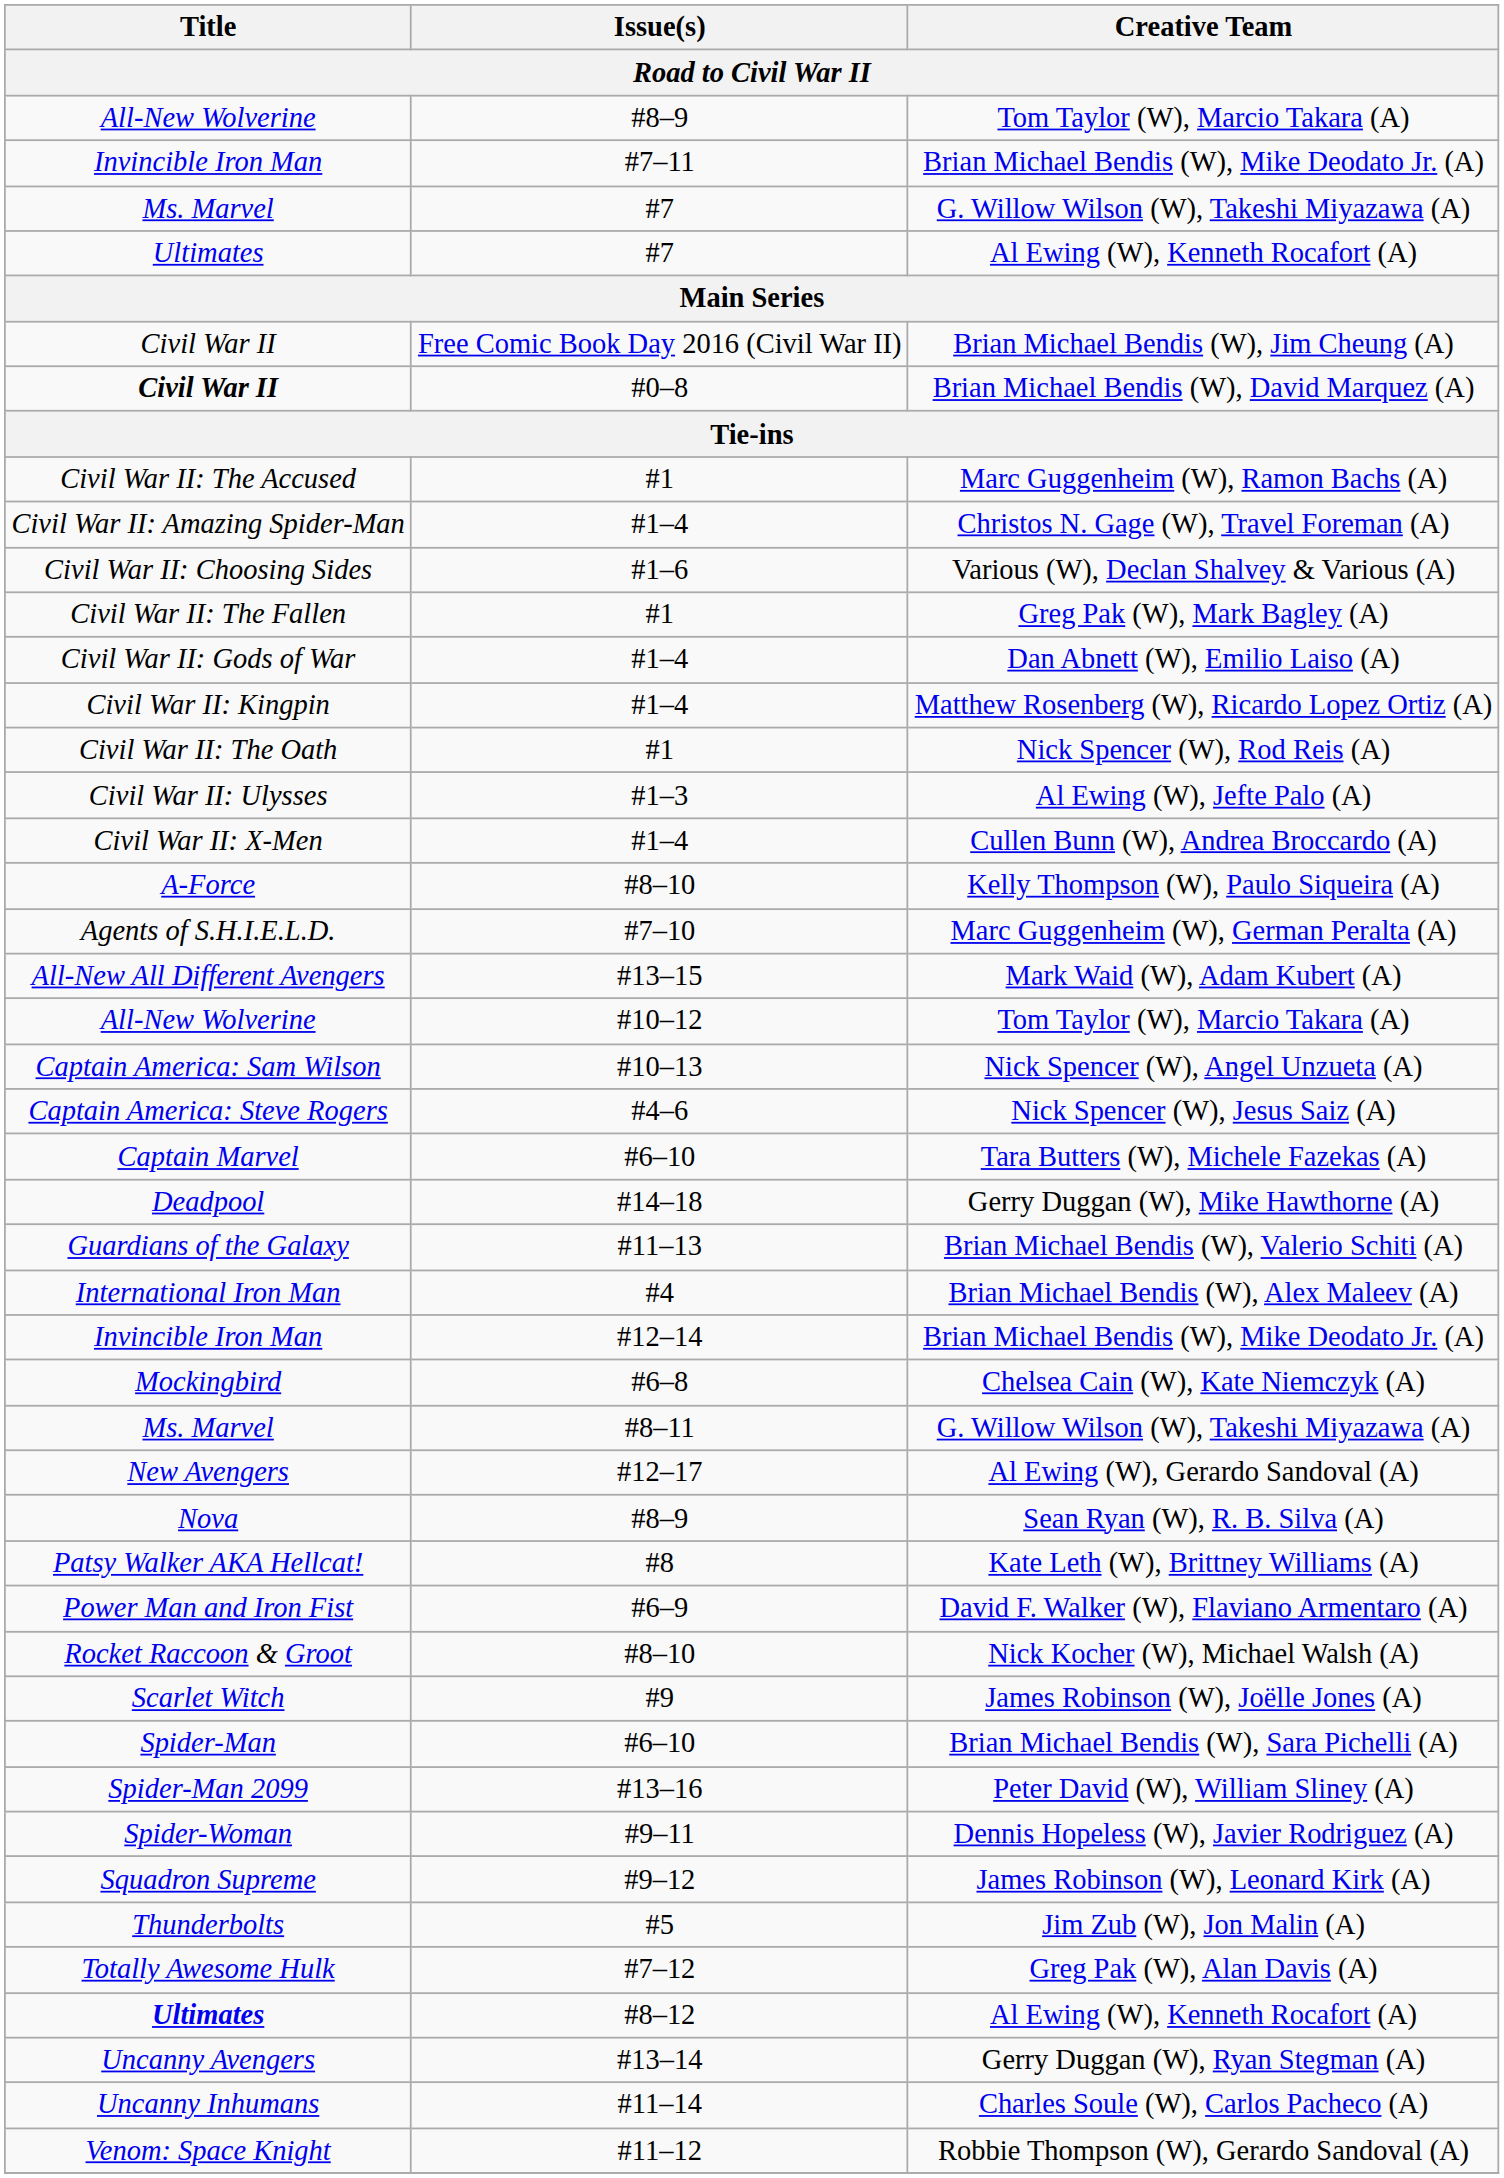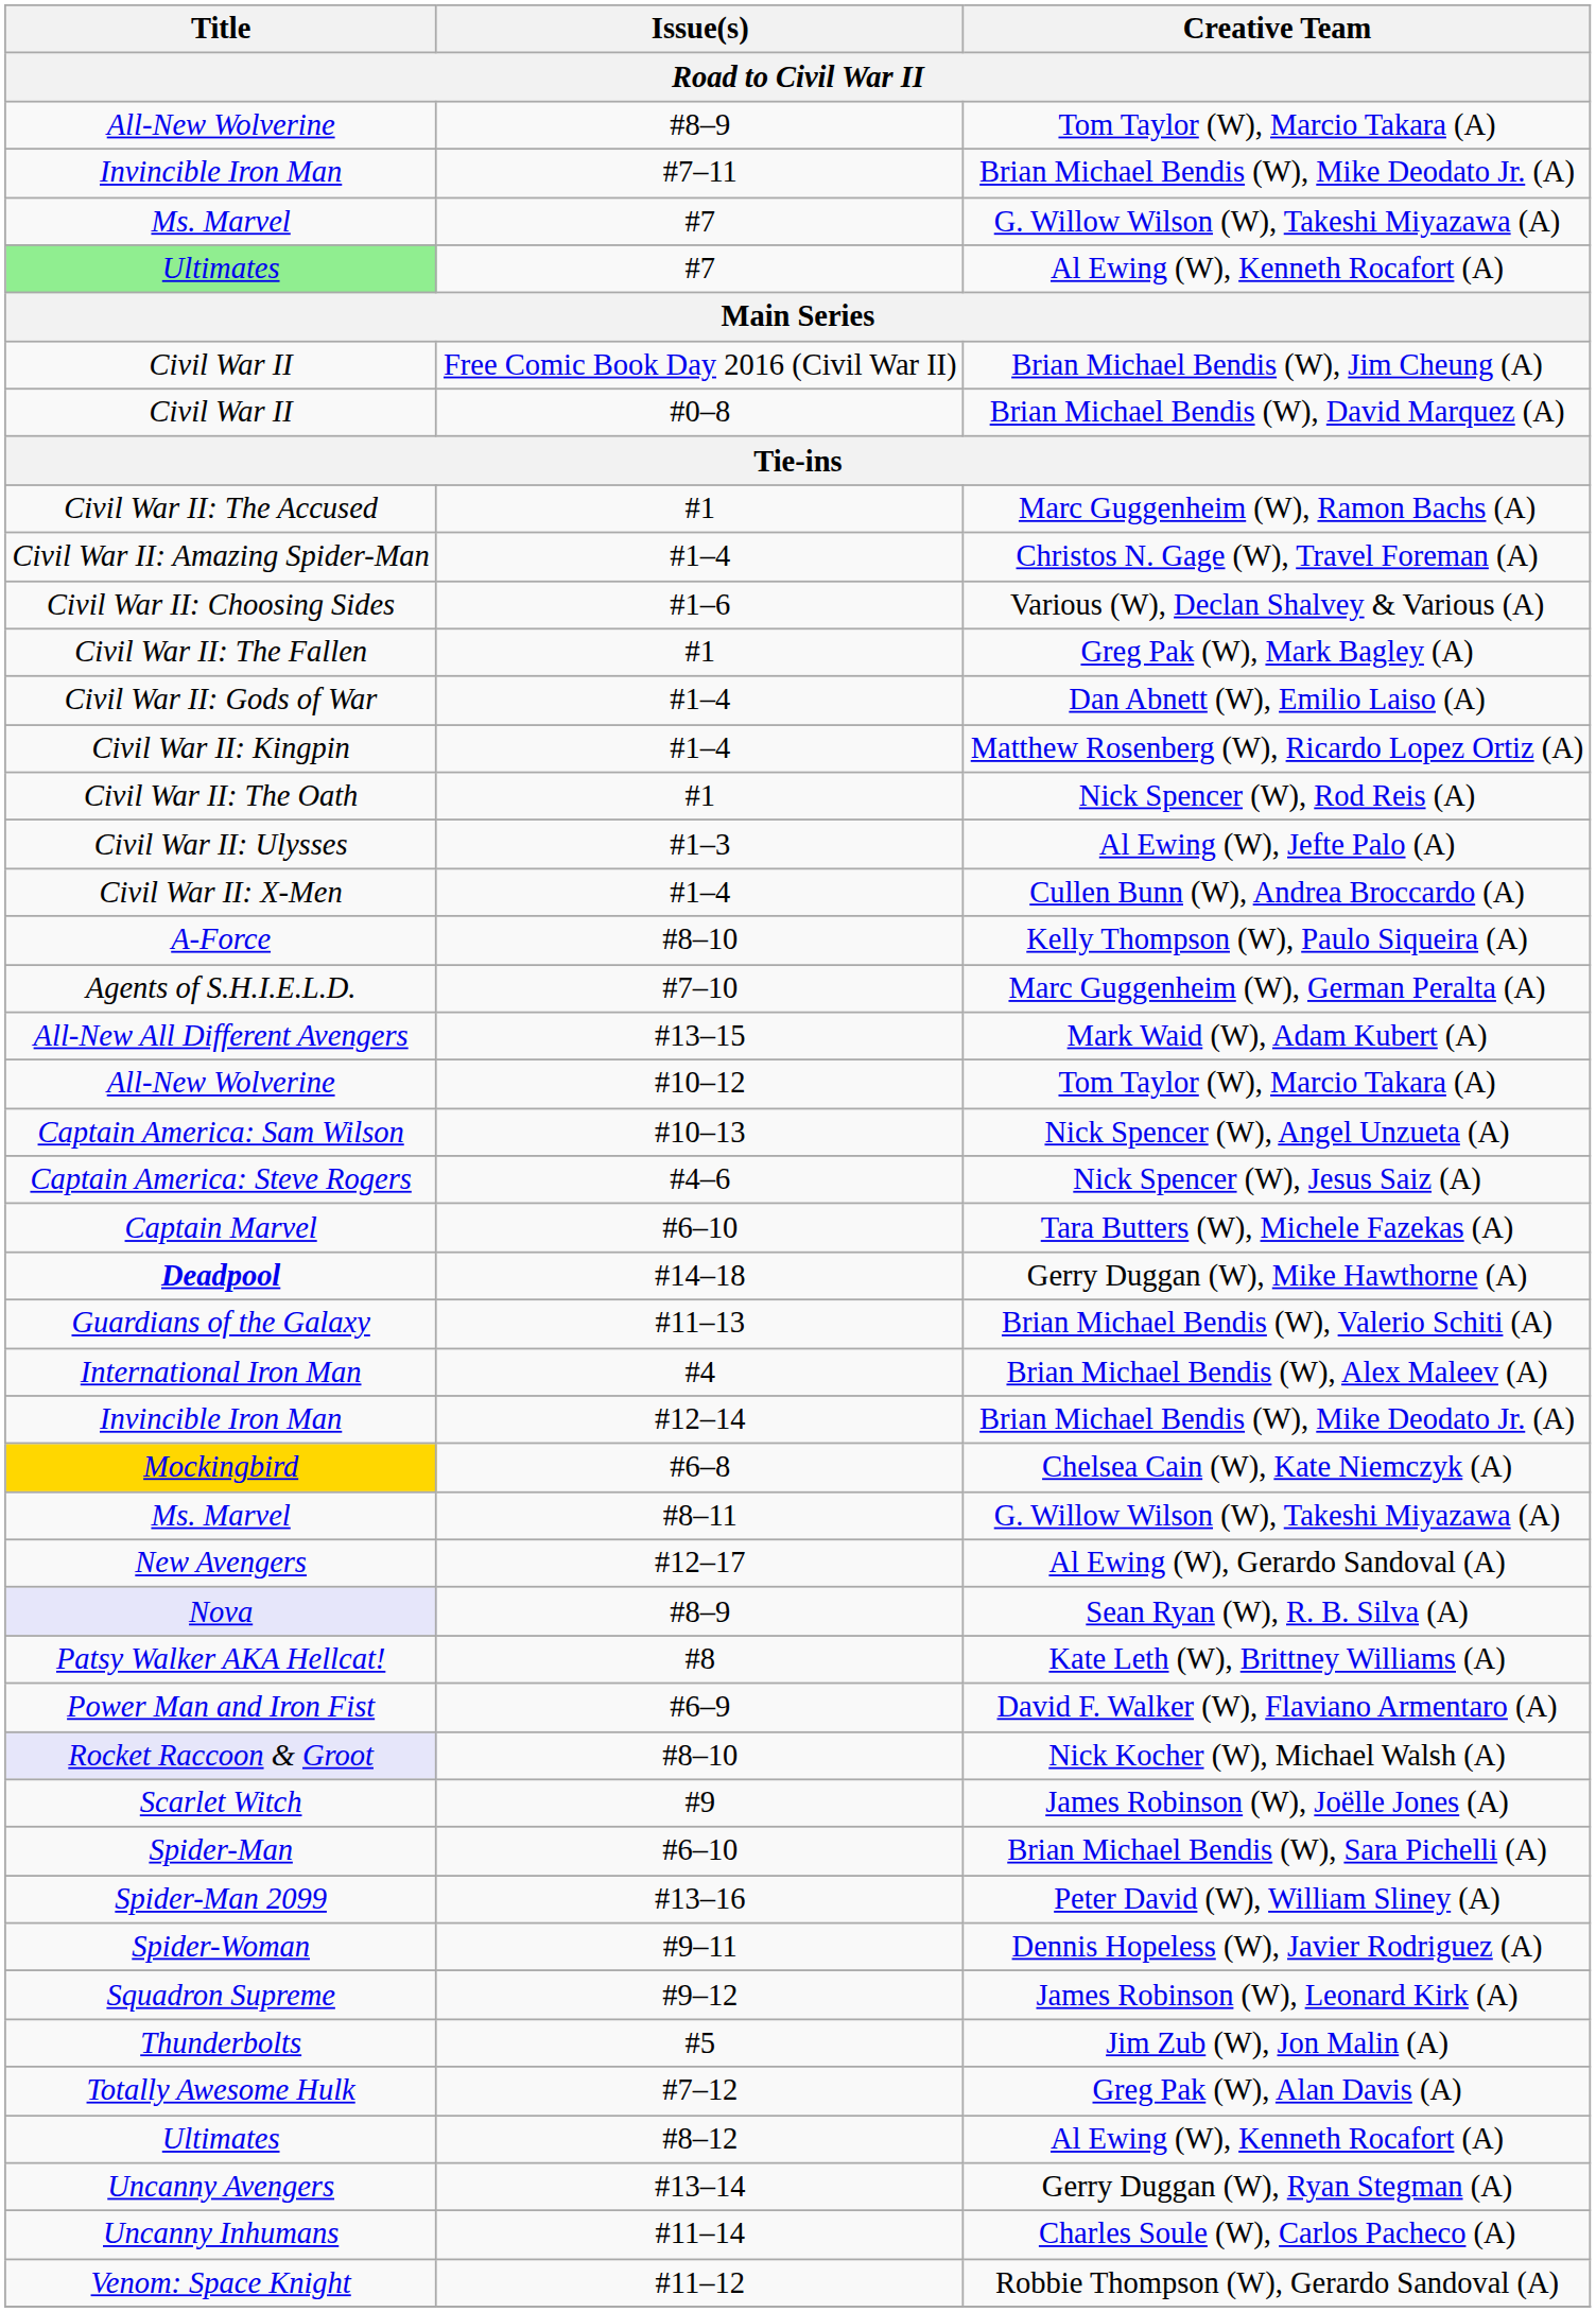 <table class="wikitable" style="text-align:center; width:auto;">
 <tr>
 <th>Title</th>
 <th>Issue(s)</th>
 <th>Creative Team</th>
 </tr>
 <tr>
 <th colspan="4"><em>Road to Civil War II</em></th>
 </tr>
 <tr>
 <td><em><a href='#'>All-New Wolverine</a></em></td>
 <td>#8–9</td>
 <td><a href='#'>Tom Taylor</a> (W), <a href='#'>Marcio Takara</a> (A)</td>
 </tr>
 <tr>
 <td><em><a href='#'>Invincible Iron Man</a></em></td>
 <td>#7–11</td>
 <td><a href='#'>Brian Michael Bendis</a> (W), <a href='#'>Mike Deodato Jr.</a> (A)</td>
 </tr>
 <tr>
 <td><em><a href='#'>Ms. Marvel</a></em></td>
 <td>#7</td>
 <td><a href='#'>G. Willow Wilson</a> (W), <a href='#'>Takeshi Miyazawa</a> (A)</td>
 </tr>
 <tr>
-<td><em><a href='#'>Ultimates</a></em></td>
+<td style="background: lightgreen;"><em><a href='#'>Ultimates</a></em></td>
 <td>#7</td>
 <td><a href='#'>Al Ewing</a> (W), <a href='#'>Kenneth Rocafort</a> (A)</td>
 </tr>
 <tr>
 <th colspan="4">Main Series</th>
 </tr>
 <tr>
 <td><em>Civil War II</em></td>
 <td><a href='#'>Free Comic Book Day</a> 2016 (Civil War II)</td>
 <td><a href='#'>Brian Michael Bendis</a> (W), <a href='#'>Jim Cheung</a> (A)</td>
 </tr>
 <tr>
-<td><strong><em>Civil War II</em></strong></td>
+<td><em>Civil War II</em></td>
 <td>#0–8</td>
 <td><a href='#'>Brian Michael Bendis</a> (W), <a href='#'>David Marquez</a> (A)</td>
 </tr>
 <tr>
 <th colspan="4">Tie-ins</th>
 </tr>
 <tr>
 <td><em>Civil War II: The Accused</em></td>
 <td>#1</td>
 <td><a href='#'>Marc Guggenheim</a> (W), <a href='#'>Ramon Bachs</a> (A)</td>
 </tr>
 <tr>
 <td><em>Civil War II: Amazing Spider-Man</em></td>
 <td>#1–4</td>
 <td><a href='#'>Christos N. Gage</a> (W), <a href='#'>Travel Foreman</a> (A)</td>
 </tr>
 <tr>
 <td><em>Civil War II: Choosing Sides</em></td>
 <td>#1–6</td>
 <td>Various (W), <a href='#'>Declan Shalvey</a> & Various (A)</td>
 </tr>
 <tr>
 <td><em>Civil War II: The Fallen</em></td>
 <td>#1</td>
 <td><a href='#'>Greg Pak</a> (W), <a href='#'>Mark Bagley</a> (A)</td>
 </tr>
 <tr>
 <td><em>Civil War II: Gods of War</em></td>
 <td>#1–4</td>
 <td><a href='#'>Dan Abnett</a> (W), <a href='#'>Emilio Laiso</a> (A)</td>
 </tr>
 <tr>
 <td><em>Civil War II: Kingpin</em></td>
 <td>#1–4</td>
 <td><a href='#'>Matthew Rosenberg</a> (W), <a href='#'>Ricardo Lopez Ortiz</a> (A)</td>
 </tr>
 <tr>
 <td><em>Civil War II: The Oath</em></td>
 <td>#1</td>
 <td><a href='#'>Nick Spencer</a> (W), <a href='#'>Rod Reis</a> (A)</td>
 </tr>
 <tr>
 <td><em>Civil War II: Ulysses</em></td>
 <td>#1–3</td>
 <td><a href='#'>Al Ewing</a> (W), <a href='#'>Jefte Palo</a> (A)</td>
 </tr>
 <tr>
 <td><em>Civil War II: X-Men</em></td>
 <td>#1–4</td>
 <td><a href='#'>Cullen Bunn</a> (W), <a href='#'>Andrea Broccardo</a> (A)</td>
 </tr>
 <tr>
 <td><em><a href='#'>A-Force</a></em></td>
 <td>#8–10</td>
 <td><a href='#'>Kelly Thompson</a> (W), <a href='#'>Paulo Siqueira</a> (A)</td>
 </tr>
 <tr>
 <td><em>Agents of S.H.I.E.L.D.</em></td>
 <td>#7–10</td>
 <td><a href='#'>Marc Guggenheim</a> (W), <a href='#'>German Peralta</a> (A)</td>
 </tr>
 <tr>
 <td><em><a href='#'>All-New All Different Avengers</a></em></td>
 <td>#13–15</td>
 <td><a href='#'>Mark Waid</a> (W), <a href='#'>Adam Kubert</a> (A)</td>
 </tr>
 <tr>
 <td><em><a href='#'>All-New Wolverine</a></em></td>
 <td>#10–12</td>
 <td><a href='#'>Tom Taylor</a> (W), <a href='#'>Marcio Takara</a> (A)</td>
 </tr>
 <tr>
 <td><em><a href='#'>Captain America: Sam Wilson</a></em></td>
 <td>#10–13</td>
 <td><a href='#'>Nick Spencer</a> (W), <a href='#'>Angel Unzueta</a> (A)</td>
 </tr>
 <tr>
 <td><em><a href='#'>Captain America: Steve Rogers</a></em></td>
 <td>#4–6</td>
 <td><a href='#'>Nick Spencer</a> (W), <a href='#'>Jesus Saiz</a> (A)</td>
 </tr>
 <tr>
 <td><em><a href='#'>Captain Marvel</a></em></td>
 <td>#6–10</td>
 <td><a href='#'>Tara Butters</a> (W), <a href='#'>Michele Fazekas</a> (A)</td>
 </tr>
 <tr>
-<td><em><a href='#'>Deadpool</a></em></td>
+<td><strong><em><a href='#'>Deadpool</a></em></strong></td>
 <td>#14–18</td>
 <td>Gerry Duggan (W), <a href='#'>Mike Hawthorne</a> (A)</td>
 </tr>
 <tr>
 <td><em><a href='#'>Guardians of the Galaxy</a></em></td>
 <td>#11–13</td>
 <td><a href='#'>Brian Michael Bendis</a> (W), <a href='#'>Valerio Schiti</a> (A)</td>
 </tr>
 <tr>
 <td><em><a href='#'>International Iron Man</a></em></td>
 <td>#4</td>
 <td><a href='#'>Brian Michael Bendis</a> (W), <a href='#'>Alex Maleev</a> (A)</td>
 </tr>
 <tr>
 <td><em><a href='#'>Invincible Iron Man</a></em></td>
 <td>#12–14</td>
 <td><a href='#'>Brian Michael Bendis</a> (W), <a href='#'>Mike Deodato Jr.</a> (A)</td>
 </tr>
 <tr>
-<td><em><a href='#'>Mockingbird</a></em></td>
+<td style="background: gold;"><em><a href='#'>Mockingbird</a></em></td>
 <td>#6–8</td>
 <td><a href='#'>Chelsea Cain</a> (W), <a href='#'>Kate Niemczyk</a> (A)</td>
 </tr>
 <tr>
 <td><em><a href='#'>Ms. Marvel</a></em></td>
 <td>#8–11</td>
 <td><a href='#'>G. Willow Wilson</a> (W), <a href='#'>Takeshi Miyazawa</a> (A)</td>
 </tr>
 <tr>
 <td><em><a href='#'>New Avengers</a></em></td>
 <td>#12–17</td>
 <td><a href='#'>Al Ewing</a> (W), Gerardo Sandoval (A)</td>
 </tr>
 <tr>
-<td><em><a href='#'>Nova</a></em></td>
+<td style="background: lavender;"><em><a href='#'>Nova</a></em></td>
 <td>#8–9</td>
 <td><a href='#'>Sean Ryan</a> (W), <a href='#'>R. B. Silva</a> (A)</td>
 </tr>
 <tr>
 <td><em><a href='#'>Patsy Walker AKA Hellcat!</a></em></td>
 <td>#8</td>
 <td><a href='#'>Kate Leth</a> (W), <a href='#'>Brittney Williams</a> (A)</td>
 </tr>
 <tr>
 <td><em><a href='#'>Power Man and Iron Fist</a></em></td>
 <td>#6–9</td>
 <td><a href='#'>David F. Walker</a> (W), <a href='#'>Flaviano Armentaro</a> (A)</td>
 </tr>
 <tr>
-<td><em><a href='#'>Rocket Raccoon</a> & <a href='#'>Groot</a></em></td>
+<td style="background: lavender;"><em><a href='#'>Rocket Raccoon</a> & <a href='#'>Groot</a></em></td>
 <td>#8–10</td>
 <td><a href='#'>Nick Kocher</a> (W), Michael Walsh (A)</td>
 </tr>
 <tr>
 <td><em><a href='#'>Scarlet Witch</a></em></td>
 <td>#9</td>
 <td><a href='#'>James Robinson</a> (W), <a href='#'>Joëlle Jones</a> (A)</td>
 </tr>
 <tr>
 <td><em><a href='#'>Spider-Man</a></em></td>
 <td>#6–10</td>
 <td><a href='#'>Brian Michael Bendis</a> (W), <a href='#'>Sara Pichelli</a> (A)</td>
 </tr>
 <tr>
 <td><em><a href='#'>Spider-Man 2099</a></em></td>
 <td>#13–16</td>
 <td><a href='#'>Peter David</a> (W), <a href='#'>William Sliney</a> (A)</td>
 </tr>
 <tr>
 <td><em><a href='#'>Spider-Woman</a></em></td>
 <td>#9–11</td>
 <td><a href='#'>Dennis Hopeless</a> (W), <a href='#'>Javier Rodriguez</a> (A)</td>
 </tr>
 <tr>
 <td><em><a href='#'>Squadron Supreme</a></em></td>
 <td>#9–12</td>
 <td><a href='#'>James Robinson</a> (W), <a href='#'>Leonard Kirk</a> (A)</td>
 </tr>
 <tr>
 <td><em><a href='#'>Thunderbolts</a></em></td>
 <td>#5</td>
 <td><a href='#'>Jim Zub</a> (W), <a href='#'>Jon Malin</a> (A)</td>
 </tr>
 <tr>
 <td><em><a href='#'>Totally Awesome Hulk</a></em></td>
 <td>#7–12</td>
 <td><a href='#'>Greg Pak</a> (W), <a href='#'>Alan Davis</a> (A)</td>
 </tr>
 <tr>
-<td><strong><em><a href='#'>Ultimates</a></em></strong></td>
+<td><em><a href='#'>Ultimates</a></em></td>
 <td>#8–12</td>
 <td><a href='#'>Al Ewing</a> (W), <a href='#'>Kenneth Rocafort</a> (A)</td>
 </tr>
 <tr>
 <td><em><a href='#'>Uncanny Avengers</a></em></td>
 <td>#13–14</td>
 <td>Gerry Duggan (W), <a href='#'>Ryan Stegman</a> (A)</td>
 </tr>
 <tr>
 <td><em><a href='#'>Uncanny Inhumans</a></em></td>
 <td>#11–14</td>
 <td><a href='#'>Charles Soule</a> (W), <a href='#'>Carlos Pacheco</a> (A)</td>
 </tr>
 <tr>
 <td><em><a href='#'>Venom: Space Knight</a></em></td>
 <td>#11–12</td>
 <td>Robbie Thompson (W), Gerardo Sandoval (A)</td>
 </tr>
 <tr>
 </tr>
 </table>
